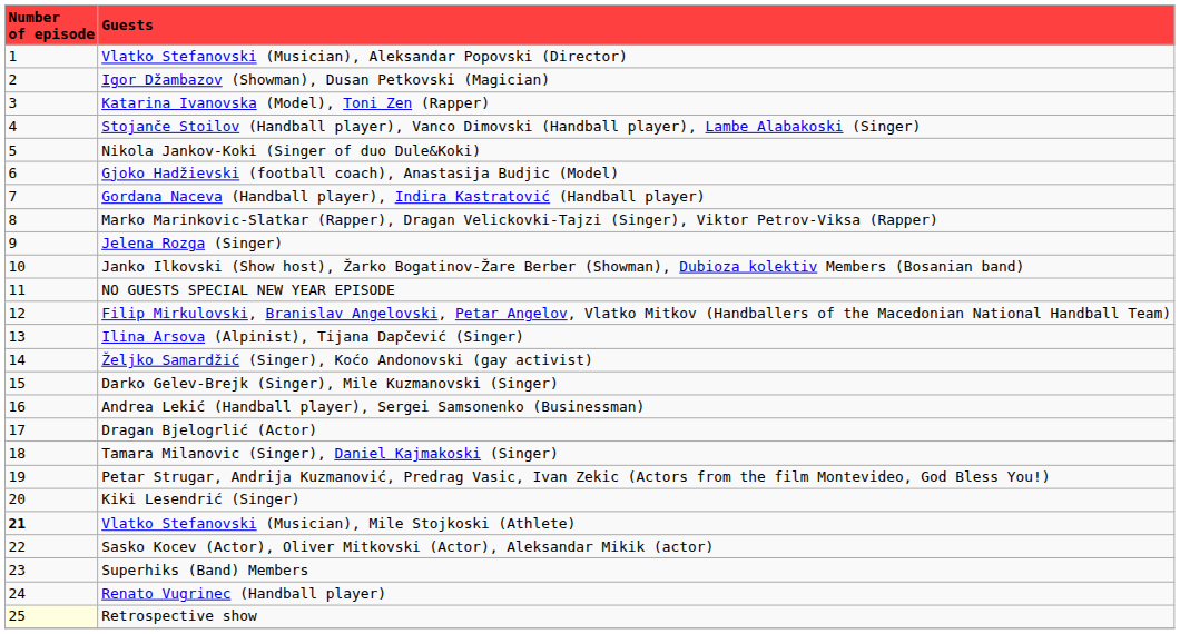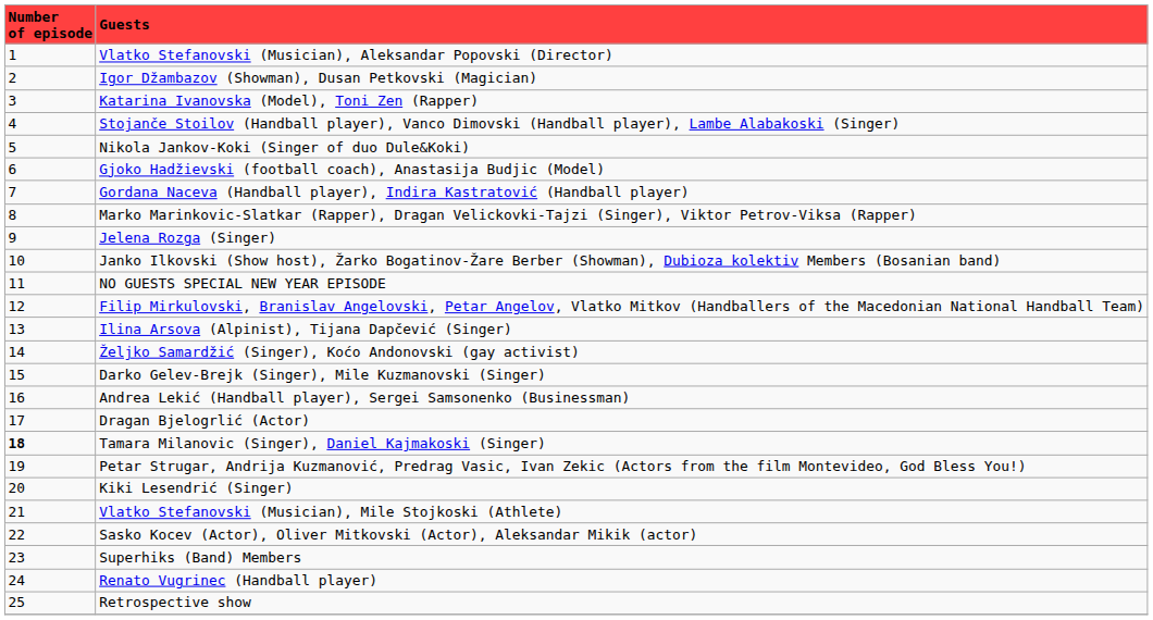 <table class="wikitable" align="center">
 <tr bgcolor="#FF4040">
 <td><strong>Number<br>of episode</strong></td>
 <td><strong>Guests</strong></td>
 </tr>
 <tr>
 <td>1</td>
 <td><a href='#'>Vlatko Stefanovski</a> (Musician), Aleksandar Popovski (Director)</td>
 </tr>
 <tr>
 <td>2</td>
 <td><a href='#'>Igor Džambazov</a> (Showman), Dusan Petkovski (Magician)</td>
 </tr>
 <tr>
 <td>3</td>
 <td><a href='#'>Katarina Ivanovska</a> (Model), <a href='#'>Toni Zen</a> (Rapper)</td>
 </tr>
 <tr>
 <td>4</td>
 <td><a href='#'>Stojanče Stoilov</a> (Handball player), Vanco Dimovski (Handball player), <a href='#'>Lambe Alabakoski</a> (Singer)</td>
 </tr>
 <tr>
 <td>5</td>
 <td>Nikola Jankov-Koki (Singer of duo Dule&Koki)</td>
 </tr>
 <tr>
 <td>6</td>
 <td><a href='#'>Gjoko Hadžievski</a> (football coach), Anastasija Budjic (Model)</td>
 </tr>
 <tr>
 <td>7</td>
 <td><a href='#'>Gordana Naceva</a> (Handball player), <a href='#'>Indira Kastratović</a> (Handball player)</td>
 </tr>
 <tr>
 <td>8</td>
 <td>Marko Marinkovic-Slatkar (Rapper), Dragan Velickovki-Tajzi (Singer), Viktor Petrov-Viksa (Rapper)</td>
 </tr>
 <tr>
 <td>9</td>
 <td><a href='#'>Jelena Rozga</a> (Singer)</td>
 </tr>
 <tr>
 <td>10</td>
 <td>Janko Ilkovski (Show host), Žarko Bogatinov-Žare Berber (Showman), <a href='#'>Dubioza kolektiv</a> Members (Bosanian band)</td>
 </tr>
 <tr>
 <td>11</td>
 <td>NO GUESTS SPECIAL NEW YEAR EPISODE</td>
 </tr>
 <tr>
 <td>12</td>
 <td><a href='#'>Filip Mirkulovski</a>, <a href='#'>Branislav Angelovski</a>, <a href='#'>Petar Angelov</a>, Vlatko Mitkov (Handballers of the Macedonian National Handball Team)</td>
 </tr>
 <tr>
 <td>13</td>
 <td><a href='#'>Ilina Arsova</a> (Alpinist), Tijana Dapčević (Singer)</td>
 </tr>
 <tr>
 <td>14</td>
 <td><a href='#'>Željko Samardžić</a> (Singer), Koćo Andonovski (gay activist)</td>
 </tr>
 <tr>
 <td>15</td>
 <td>Darko Gelev-Brejk (Singer), Mile Kuzmanovski (Singer)</td>
 </tr>
 <tr>
 <td>16</td>
 <td>Andrea Lekić (Handball player), Sergei Samsonenko (Businessman)</td>
 </tr>
 <tr>
 <td>17</td>
 <td>Dragan Bjelogrlić (Actor)</td>
 </tr>
 <tr>
-<td>18</td>
+<td><strong>18</strong></td>
 <td>Tamara Milanovic (Singer), <a href='#'>Daniel Kajmakoski</a> (Singer)</td>
 </tr>
 <tr>
 <td>19</td>
 <td>Petar Strugar, Andrija Kuzmanović, Predrag Vasic, Ivan Zekic (Actors from the film Montevideo, God Bless You!)</td>
 </tr>
 <tr>
 <td>20</td>
 <td>Kiki Lesendrić (Singer)</td>
 </tr>
 <tr>
-<td><strong>21</strong></td>
+<td>21</td>
 <td><a href='#'>Vlatko Stefanovski</a> (Musician), Mile Stojkoski (Athlete)</td>
 </tr>
 <tr>
 <td>22</td>
 <td>Sasko Kocev (Actor), Oliver Mitkovski (Actor), Aleksandar Mikik (actor)</td>
 </tr>
 <tr>
 <td>23</td>
 <td>Superhiks (Band) Members</td>
 </tr>
 <tr>
 <td>24</td>
 <td><a href='#'>Renato Vugrinec</a> (Handball player)</td>
 </tr>
 <tr>
-<td style="background: lightyellow;">25</td>
+<td>25</td>
 <td>Retrospective show</td>
 </tr>
 <tr>
 </tr>
 </table>
